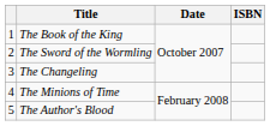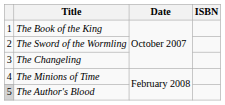 <table class="wikitable">
 <tr>
 <th></th>
 <th>Title</th>
 <th>Date</th>
 <th>ISBN</th>
 </tr>
 <tr>
 <td>1</td>
 <td><em>The Book of the King</em></td>
 <td rowspan="3">October 2007</td>
 <td></td>
 </tr>
 <tr>
 <td>2</td>
 <td><em>The Sword of the Wormling</em></td>
 <td></td>
 </tr>
 <tr>
 <td>3</td>
 <td><em>The Changeling</em></td>
 <td></td>
 </tr>
 <tr>
 <td>4</td>
 <td><em>The Minions of Time</em></td>
 <td rowspan="2">February 2008</td>
 <td></td>
 </tr>
 <tr>
-<td>5</td>
+<td style="background: lightgrey;">5</td>
 <td><em>The Author's Blood</em></td>
 <td></td>
 </tr>
 </table>
